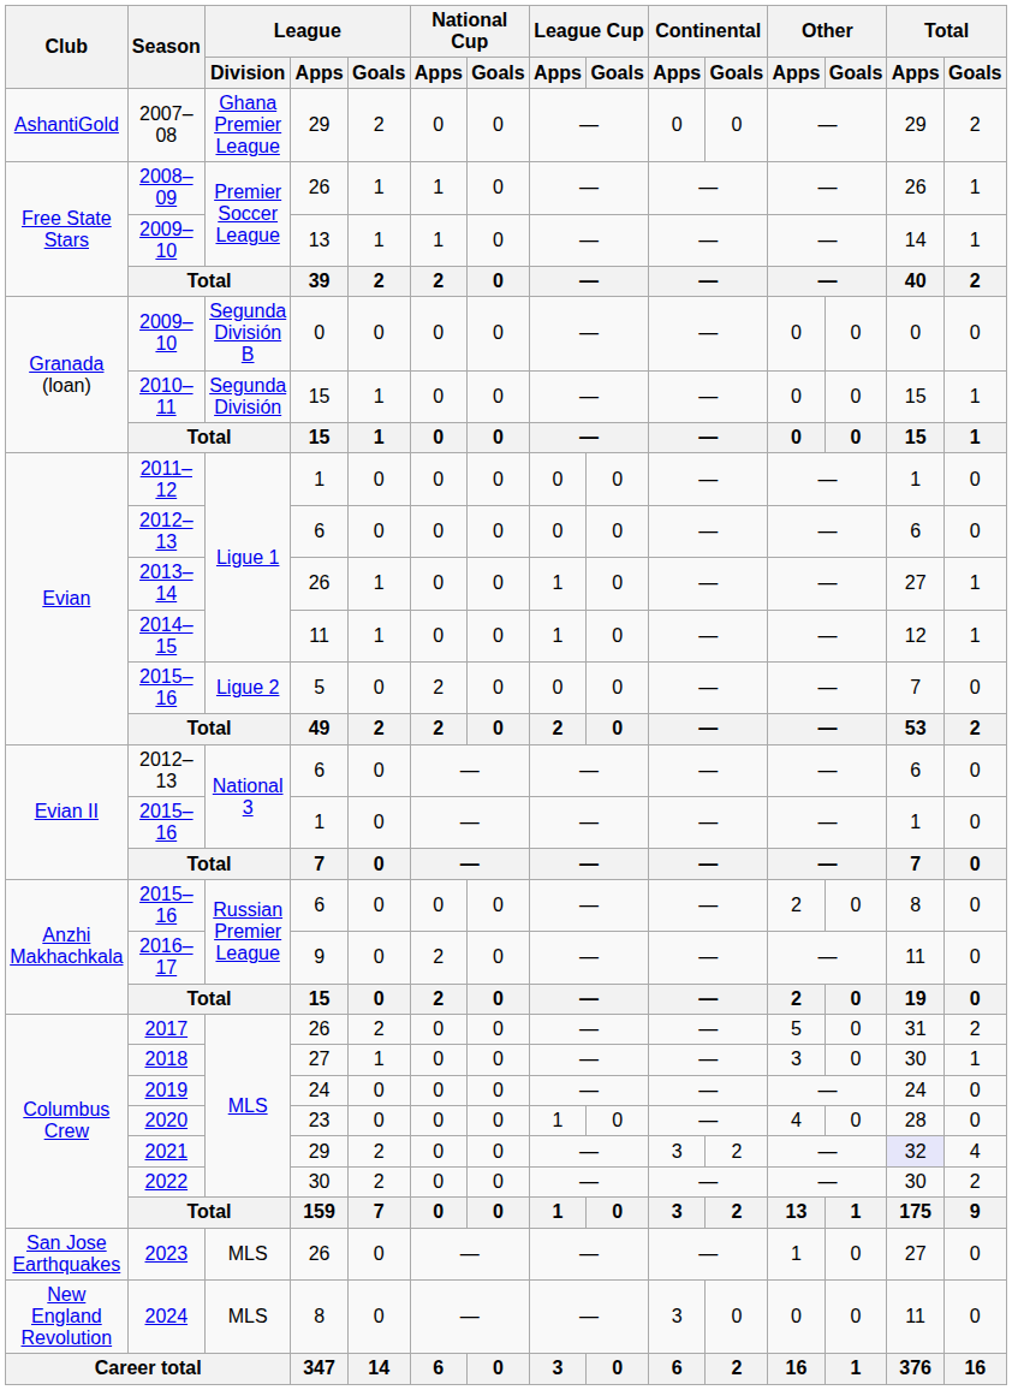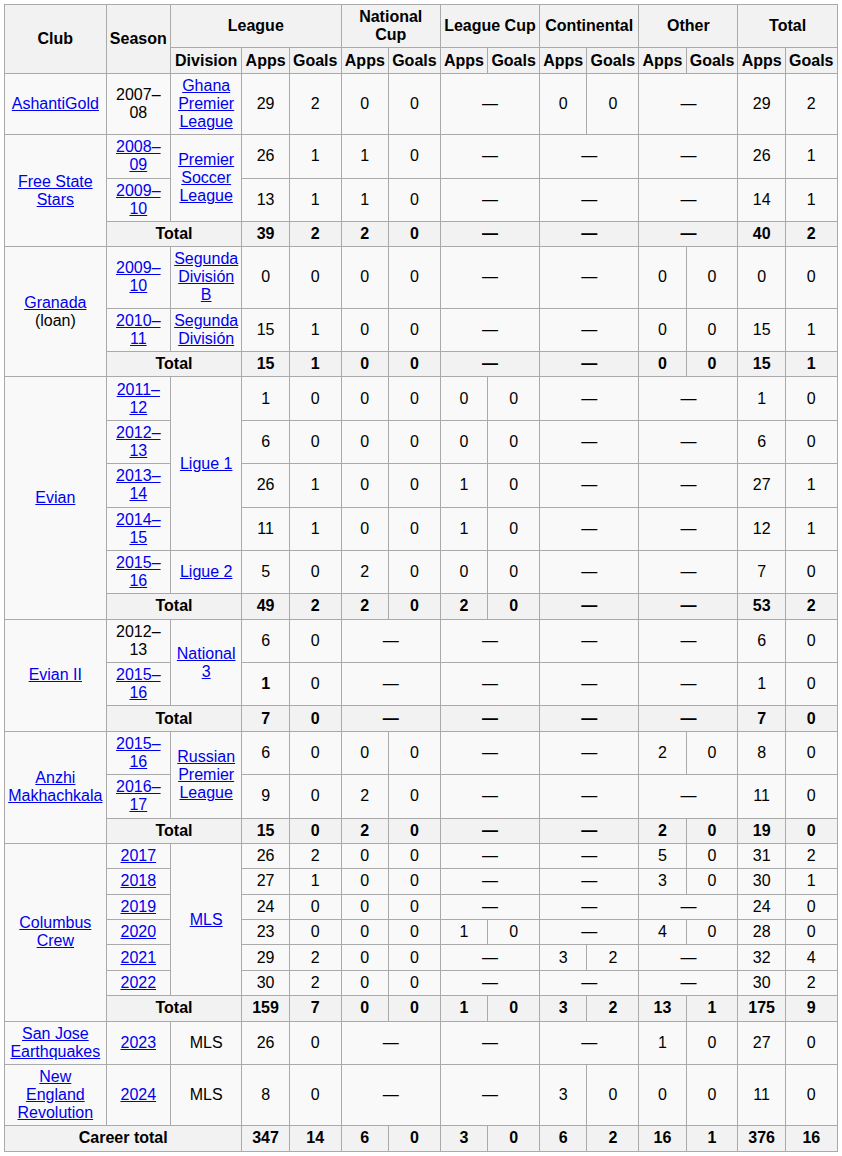 <table class="wikitable" style="text-align: center;">
 <tr>
 <th rowspan=2>Club</th>
 <th rowspan=2>Season</th>
 <th colspan=3>League</th>
 <th colspan=2>National Cup</th>
 <th colspan=2>League Cup</th>
 <th colspan=2>Continental</th>
 <th colspan=2>Other</th>
 <th colspan=2>Total</th>
 </tr>
 <tr>
 <th>Division</th>
 <th>Apps</th>
 <th>Goals</th>
 <th>Apps</th>
 <th>Goals</th>
 <th>Apps</th>
 <th>Goals</th>
 <th>Apps</th>
 <th>Goals</th>
 <th>Apps</th>
 <th>Goals</th>
 <th>Apps</th>
 <th>Goals</th>
 </tr>
 <tr>
 <td><a href='#'>AshantiGold</a></td>
 <td>2007–08</td>
 <td><a href='#'>Ghana Premier League</a></td>
 <td>29</td>
 <td>2</td>
 <td>0</td>
 <td>0</td>
 <td colspan=2>—</td>
 <td>0</td>
 <td>0</td>
 <td colspan=2>—</td>
 <td>29</td>
 <td>2</td>
 </tr>
 <tr>
 <td rowspan=3><a href='#'>Free State Stars</a></td>
 <td><a href='#'>2008–09</a></td>
 <td rowspan="2"><a href='#'>Premier Soccer League</a></td>
 <td>26</td>
 <td>1</td>
 <td>1</td>
 <td>0</td>
 <td colspan=2>—</td>
 <td colspan=2>—</td>
 <td colspan=2>—</td>
 <td>26</td>
 <td>1</td>
 </tr>
 <tr>
 <td><a href='#'>2009–10</a></td>
 <td>13</td>
 <td>1</td>
 <td>1</td>
 <td>0</td>
 <td colspan=2>—</td>
 <td colspan=2>—</td>
 <td colspan=2>—</td>
 <td>14</td>
 <td>1</td>
 </tr>
 <tr>
 <th colspan=2>Total</th>
 <th>39</th>
 <th>2</th>
 <th>2</th>
 <th>0</th>
 <th colspan=2>—</th>
 <th colspan=2>—</th>
 <th colspan=2>—</th>
 <th>40</th>
 <th>2</th>
 </tr>
 <tr>
 <td rowspan=3><a href='#'>Granada</a> (loan)</td>
 <td><a href='#'>2009–10</a></td>
 <td><a href='#'>Segunda División B</a></td>
 <td>0</td>
 <td>0</td>
 <td>0</td>
 <td>0</td>
 <td colspan=2>—</td>
 <td colspan=2>—</td>
 <td>0</td>
 <td>0</td>
 <td>0</td>
 <td>0</td>
 </tr>
 <tr>
 <td><a href='#'>2010–11</a></td>
 <td><a href='#'>Segunda División</a></td>
 <td>15</td>
 <td>1</td>
 <td>0</td>
 <td>0</td>
 <td colspan=2>—</td>
 <td colspan=2>—</td>
 <td>0</td>
 <td>0</td>
 <td>15</td>
 <td>1</td>
 </tr>
 <tr>
 <th colspan=2>Total</th>
 <th>15</th>
 <th>1</th>
 <th>0</th>
 <th>0</th>
 <th colspan=2>—</th>
 <th colspan=2>—</th>
 <th>0</th>
 <th>0</th>
 <th>15</th>
 <th>1</th>
 </tr>
 <tr>
 <td rowspan=6><a href='#'>Evian</a></td>
 <td><a href='#'>2011–12</a></td>
 <td rowspan="4"><a href='#'>Ligue 1</a></td>
 <td>1</td>
 <td>0</td>
 <td>0</td>
 <td>0</td>
 <td>0</td>
 <td>0</td>
 <td colspan=2>—</td>
 <td colspan=2>—</td>
 <td>1</td>
 <td>0</td>
 </tr>
 <tr>
 <td><a href='#'>2012–13</a></td>
 <td>6</td>
 <td>0</td>
 <td>0</td>
 <td>0</td>
 <td>0</td>
 <td>0</td>
 <td colspan=2>—</td>
 <td colspan=2>—</td>
 <td>6</td>
 <td>0</td>
 </tr>
 <tr>
 <td><a href='#'>2013–14</a></td>
 <td>26</td>
 <td>1</td>
 <td>0</td>
 <td>0</td>
 <td>1</td>
 <td>0</td>
 <td colspan=2>—</td>
 <td colspan=2>—</td>
 <td>27</td>
 <td>1</td>
 </tr>
 <tr>
 <td><a href='#'>2014–15</a></td>
 <td>11</td>
 <td>1</td>
 <td>0</td>
 <td>0</td>
 <td>1</td>
 <td>0</td>
 <td colspan=2>—</td>
 <td colspan=2>—</td>
 <td>12</td>
 <td>1</td>
 </tr>
 <tr>
 <td><a href='#'>2015–16</a></td>
 <td><a href='#'>Ligue 2</a></td>
 <td>5</td>
 <td>0</td>
 <td>2</td>
 <td>0</td>
 <td>0</td>
 <td>0</td>
 <td colspan=2>—</td>
 <td colspan=2>—</td>
 <td>7</td>
 <td>0</td>
 </tr>
 <tr>
 <th colspan=2>Total</th>
 <th>49</th>
 <th>2</th>
 <th>2</th>
 <th>0</th>
 <th>2</th>
 <th>0</th>
 <th colspan=2>—</th>
 <th colspan=2>—</th>
 <th>53</th>
 <th>2</th>
 </tr>
 <tr>
 <td rowspan=3><a href='#'>Evian II</a></td>
 <td>2012–13</td>
 <td rowspan="2"><a href='#'>National 3</a></td>
 <td>6</td>
 <td>0</td>
 <td colspan=2>—</td>
 <td colspan=2>—</td>
 <td colspan=2>—</td>
 <td colspan=2>—</td>
 <td>6</td>
 <td>0</td>
 </tr>
 <tr>
 <td><a href='#'>2015–16</a></td>
-<td>1</td>
+<td><strong>1</strong></td>
 <td>0</td>
 <td colspan=2>—</td>
 <td colspan=2>—</td>
 <td colspan=2>—</td>
 <td colspan=2>—</td>
 <td>1</td>
 <td>0</td>
 </tr>
 <tr>
 <th colspan=2>Total</th>
 <th>7</th>
 <th>0</th>
 <th colspan=2>—</th>
 <th colspan=2>—</th>
 <th colspan=2>—</th>
 <th colspan=2>—</th>
 <th>7</th>
 <th>0</th>
 </tr>
 <tr>
 <td rowspan=3><a href='#'>Anzhi Makhachkala</a></td>
 <td><a href='#'>2015–16</a></td>
 <td rowspan="2"><a href='#'>Russian Premier League</a></td>
 <td>6</td>
 <td>0</td>
 <td>0</td>
 <td>0</td>
 <td colspan=2>—</td>
 <td colspan=2>—</td>
 <td>2</td>
 <td>0</td>
 <td>8</td>
 <td>0</td>
 </tr>
 <tr>
 <td><a href='#'>2016–17</a></td>
 <td>9</td>
 <td>0</td>
 <td>2</td>
 <td>0</td>
 <td colspan=2>—</td>
 <td colspan=2>—</td>
 <td colspan=2>—</td>
 <td>11</td>
 <td>0</td>
 </tr>
 <tr>
 <th colspan=2>Total</th>
 <th>15</th>
 <th>0</th>
 <th>2</th>
 <th>0</th>
 <th colspan=2>—</th>
 <th colspan=2>—</th>
 <th>2</th>
 <th>0</th>
 <th>19</th>
 <th>0</th>
 </tr>
 <tr>
 <td rowspan="7"><a href='#'>Columbus Crew</a></td>
 <td><a href='#'>2017</a></td>
 <td rowspan="6"><a href='#'>MLS</a></td>
 <td>26</td>
 <td>2</td>
 <td>0</td>
 <td>0</td>
 <td colspan=2>—</td>
 <td colspan=2>—</td>
 <td>5</td>
 <td>0</td>
 <td>31</td>
 <td>2</td>
 </tr>
 <tr>
 <td><a href='#'>2018</a></td>
 <td>27</td>
 <td>1</td>
 <td>0</td>
 <td>0</td>
 <td colspan=2>—</td>
 <td colspan=2>—</td>
 <td>3</td>
 <td>0</td>
 <td>30</td>
 <td>1</td>
 </tr>
 <tr>
 <td><a href='#'>2019</a></td>
 <td>24</td>
 <td>0</td>
 <td>0</td>
 <td>0</td>
 <td colspan=2>—</td>
 <td colspan=2>—</td>
 <td colspan=2>—</td>
 <td>24</td>
 <td>0</td>
 </tr>
 <tr>
 <td><a href='#'>2020</a></td>
 <td>23</td>
 <td>0</td>
 <td>0</td>
 <td>0</td>
 <td>1</td>
 <td>0</td>
 <td colspan=2>—</td>
 <td>4</td>
 <td>0</td>
 <td>28</td>
 <td>0</td>
 </tr>
 <tr>
 <td><a href='#'>2021</a></td>
 <td>29</td>
 <td>2</td>
 <td>0</td>
 <td>0</td>
 <td colspan=2>—</td>
 <td>3</td>
 <td>2</td>
 <td colspan=2>—</td>
-<td style="background: lavender;">32</td>
+<td>32</td>
 <td>4</td>
 </tr>
 <tr>
 <td><a href='#'>2022</a></td>
 <td>30</td>
 <td>2</td>
 <td>0</td>
 <td>0</td>
 <td colspan=2>—</td>
 <td colspan=2>—</td>
 <td colspan=2>—</td>
 <td>30</td>
 <td>2</td>
 </tr>
 <tr>
 <th colspan="2">Total</th>
 <th>159</th>
 <th>7</th>
 <th>0</th>
 <th>0</th>
 <th>1</th>
 <th>0</th>
 <th>3</th>
 <th>2</th>
 <th>13</th>
 <th>1</th>
 <th>175</th>
 <th>9</th>
 </tr>
 <tr>
 <td><a href='#'>San Jose Earthquakes</a></td>
 <td><a href='#'>2023</a></td>
 <td>MLS</td>
 <td>26</td>
 <td>0</td>
 <td colspan=2>—</td>
 <td colspan=2>—</td>
 <td colspan=2>—</td>
 <td>1</td>
 <td>0</td>
 <td>27</td>
 <td>0</td>
 </tr>
 <tr>
 <td><a href='#'>New England Revolution</a></td>
 <td><a href='#'>2024</a></td>
 <td>MLS</td>
 <td>8</td>
 <td>0</td>
 <td colspan=2>—</td>
 <td colspan=2>—</td>
 <td>3</td>
 <td>0</td>
 <td>0</td>
 <td>0</td>
 <td>11</td>
 <td>0</td>
 </tr>
 <tr>
 <th colspan="3">Career total</th>
 <th>347</th>
 <th>14</th>
 <th>6</th>
 <th>0</th>
 <th>3</th>
 <th>0</th>
 <th>6</th>
 <th>2</th>
 <th>16</th>
 <th>1</th>
 <th>376</th>
 <th>16</th>
 </tr>
 </table>
